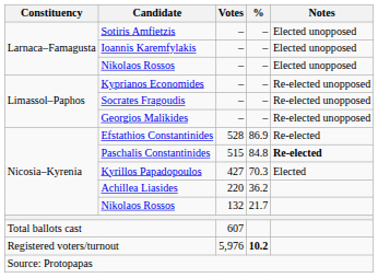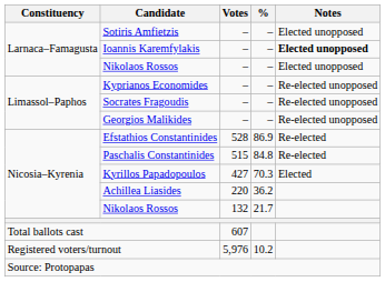 <table class=wikitable style=text-align:right>
 <tr>
 <th>Constituency</th>
 <th>Candidate</th>
 <th>Votes</th>
 <th>%</th>
 <th>Notes</th>
 </tr>
 <tr>
 <td rowspan=3 align=left>Larnaca–Famagusta</td>
 <td align=left><a href='#'>Sotiris Amfietzis</a></td>
 <td>–</td>
 <td>–</td>
 <td align=left>Elected unopposed</td>
 </tr>
 <tr>
 <td align=left><a href='#'>Ioannis Karemfylakis</a></td>
 <td>–</td>
 <td>–</td>
-<td align=left>Elected unopposed</td>
+<td align=left><strong>Elected unopposed</strong></td>
 </tr>
 <tr>
 <td align=left><a href='#'>Nikolaos Rossos</a></td>
 <td>–</td>
 <td>–</td>
 <td align=left>Elected unopposed</td>
 </tr>
 <tr>
 <td align=left rowspan=3>Limassol–Paphos</td>
 <td align=left><a href='#'>Kyprianos Economides</a></td>
 <td>–</td>
 <td>–</td>
 <td align=left>Re-elected unopposed</td>
 </tr>
 <tr>
 <td align=left><a href='#'>Socrates Fragoudis</a></td>
 <td>–</td>
 <td>–</td>
 <td align=left>Re-elected unopposed</td>
 </tr>
 <tr>
 <td align=left><a href='#'>Georgios Malikides</a></td>
 <td>–</td>
 <td>–</td>
 <td align=left>Re-elected unopposed</td>
 </tr>
 <tr>
 <td align=left rowspan=5>Nicosia–Kyrenia</td>
 <td align=left><a href='#'>Efstathios Constantinides</a></td>
 <td>528</td>
 <td>86.9</td>
 <td align=left>Re-elected</td>
 </tr>
 <tr>
 <td align=left><a href='#'>Paschalis Constantinides</a></td>
 <td>515</td>
 <td>84.8</td>
-<td align=left><strong>Re-elected</strong></td>
+<td align=left>Re-elected</td>
 </tr>
 <tr>
 <td align=left><a href='#'>Kyrillos Papadopoulos</a></td>
 <td>427</td>
 <td>70.3</td>
 <td align=left>Elected</td>
 </tr>
 <tr>
 <td align=left><a href='#'>Achillea Liasides</a></td>
 <td>220</td>
 <td>36.2</td>
 <td></td>
 </tr>
 <tr>
 <td align=left><a href='#'>Nikolaos Rossos</a></td>
 <td>132</td>
 <td>21.7</td>
 <td></td>
 </tr>
 <tr>
 <th colspan=5></th>
 </tr>
 <tr>
 <td align=left colspan=2>Total ballots cast</td>
 <td>607</td>
 <td></td>
 <td></td>
 </tr>
 <tr>
 <td align=left colspan=2>Registered voters/turnout</td>
 <td>5,976</td>
-<td><strong>10.2</strong></td>
+<td>10.2</td>
 <td></td>
 </tr>
 <tr>
 <td align=left colspan=5>Source: Protopapas</td>
 </tr>
 </table>
